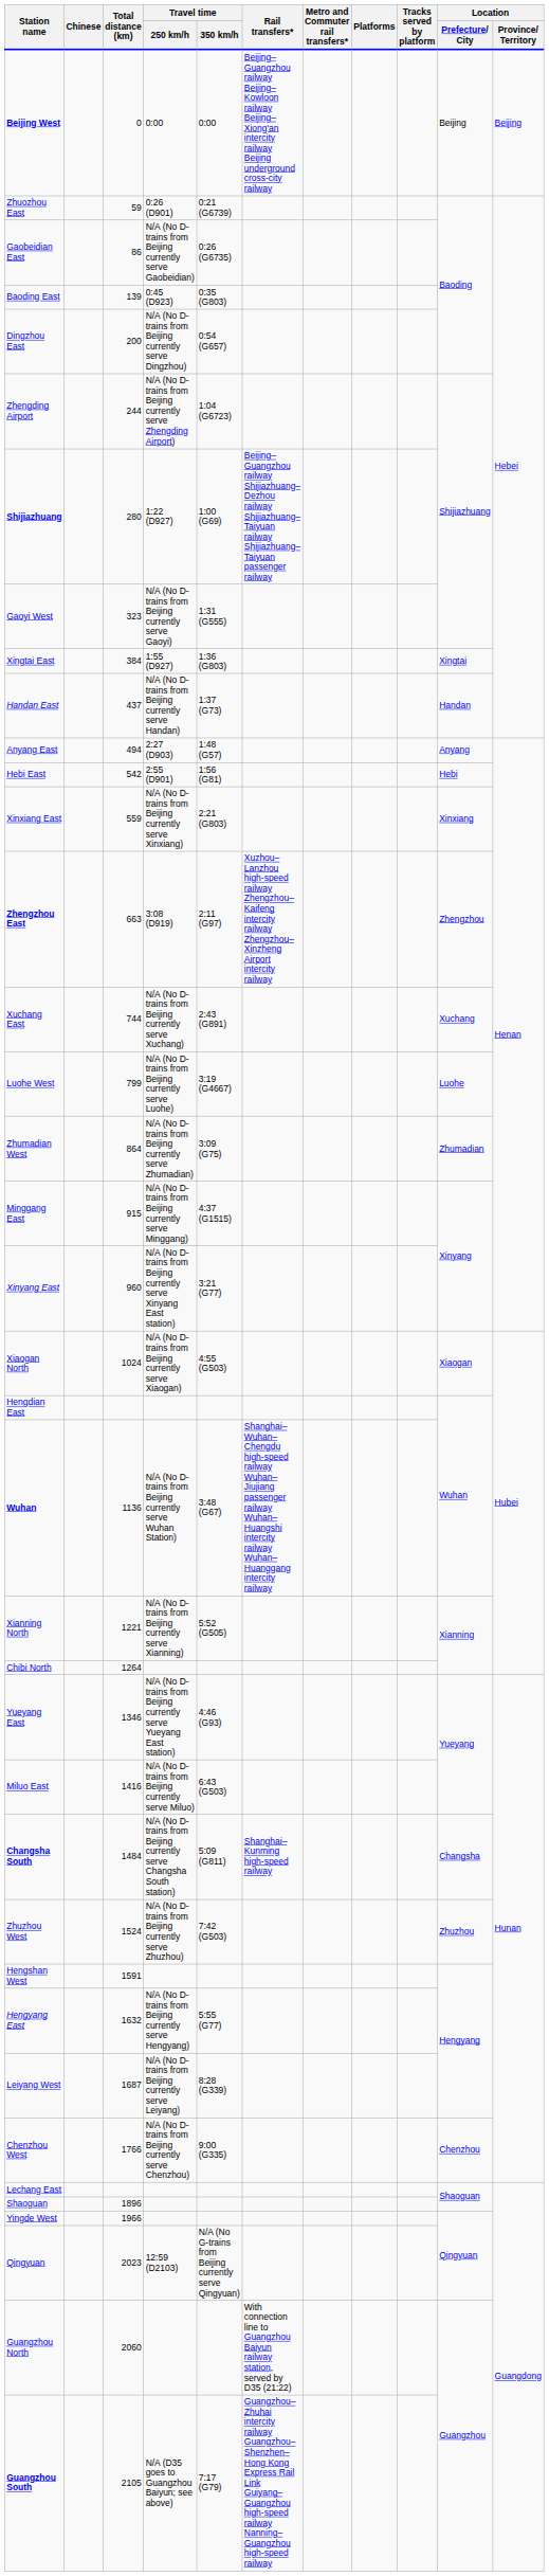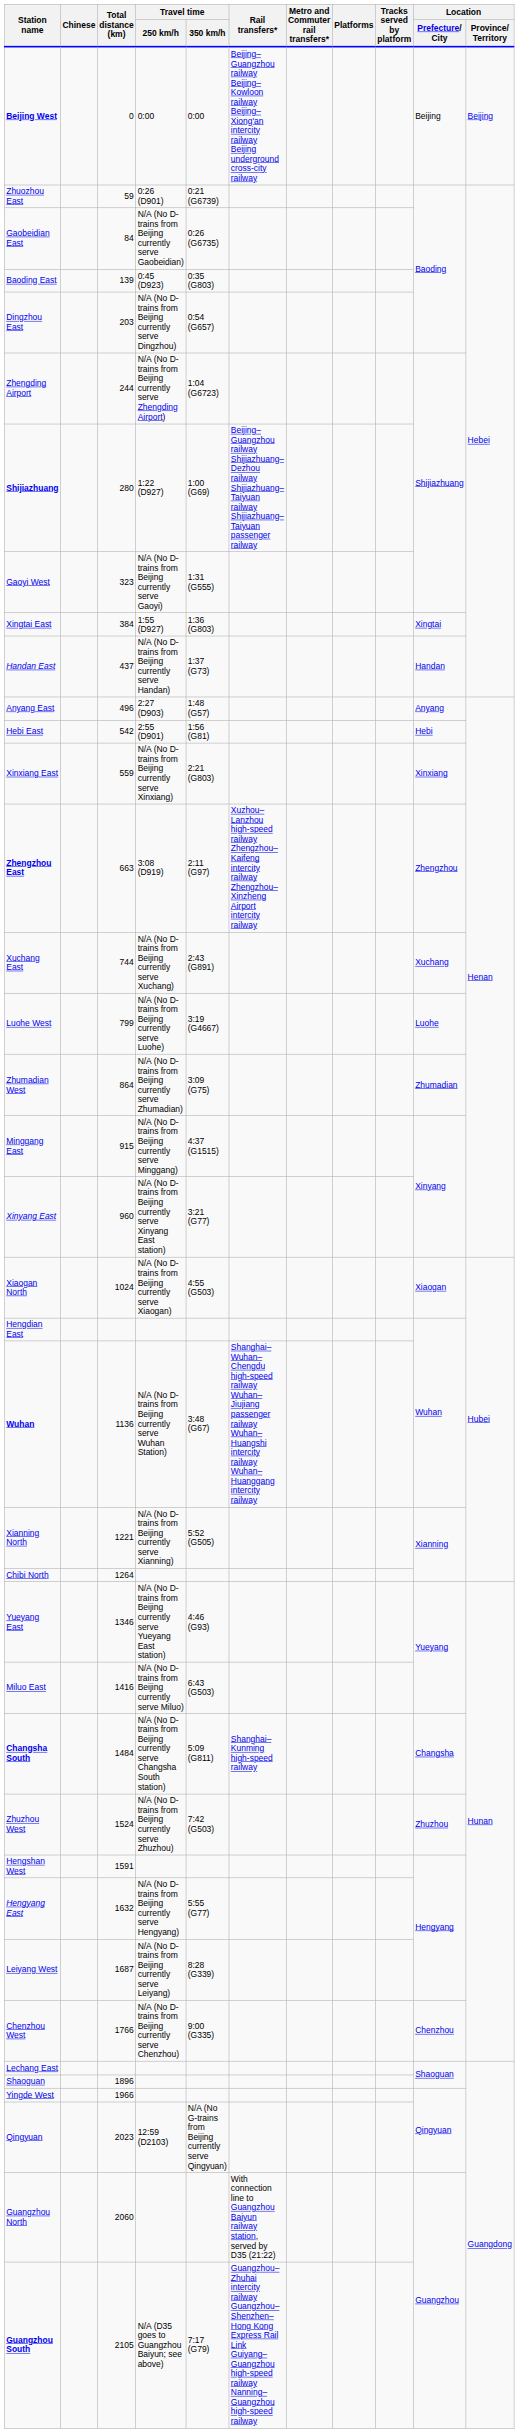 <table class="wikitable">
 <tr>
 <th style="border-bottom:3px solid blue;" rowspan="2">Station<br>name</th>
 <th style="border-bottom:3px solid blue;" rowspan="2">Chinese</th>
 <th style="border-bottom:3px solid blue;" rowspan="2">Total<br>distance<br>(km)</th>
 <th colspan="2">Travel time</th>
 <th style="border-bottom:3px solid blue;" rowspan="2">Rail<br>transfers*</th>
 <th style="border-bottom:3px solid blue;" rowspan="2">Metro and Commuter rail<br>transfers*</th>
 <th style="border-bottom:3px solid blue;" rowspan="2">Platforms</th>
 <th style="border-bottom:3px solid blue;" rowspan="2">Tracks served<br>by platform</th>
 <th colspan="2">Location</th>
 </tr>
 <tr>
 <th style="border-bottom:3px solid blue;">250 km/h</th>
 <th style="border-bottom:3px solid blue;">350 km/h</th>
 <th style="border-bottom:3px solid blue;"><a href='#'>Prefecture</a>/<br>City</th>
 <th style="border-bottom:3px solid blue;">Province/<br>Territory</th>
 </tr>
 <tr>
 <td><strong><a href='#'>Beijing West</a></strong></td>
 <td></td>
 <td align=right>0</td>
 <td>0:00</td>
 <td>0:00</td>
 <td><a href='#'>Beijing–Guangzhou railway</a><br><a href='#'>Beijing–Kowloon railway</a><br><a href='#'>Beijing–Xiong'an intercity railway</a><br><a href='#'>Beijing underground cross-city railway</a></td>
 <td> <br> </td>
 <td></td>
 <td></td>
 <td>Beijing</td>
 <td><a href='#'>Beijing</a></td>
 </tr>
 <tr>
 <td><a href='#'>Zhuozhou East</a></td>
 <td><br></td>
 <td align=right>59</td>
 <td>0:26<br>(D901)</td>
 <td>0:21<br>(G6739)</td>
 <td></td>
 <td></td>
 <td></td>
 <td></td>
 <td rowspan="4"><a href='#'>Baoding</a></td>
 <td rowspan="9"><a href='#'>Hebei</a></td>
 </tr>
 <tr>
 <td><a href='#'>Gaobeidian East</a></td>
 <td><br></td>
-<td align=right>86</td>
+<td align=right>84</td>
 <td>N/A (No D-trains from Beijing currently serve Gaobeidian)</td>
 <td>0:26<br>(G6735)</td>
 <td></td>
 <td></td>
 <td></td>
 <td></td>
 </tr>
 <tr>
 <td><a href='#'>Baoding East</a></td>
 <td><br></td>
 <td align=right>139</td>
 <td>0:45<br>(D923)</td>
 <td>0:35<br>(G803)</td>
 <td></td>
 <td></td>
 <td></td>
 <td></td>
 </tr>
 <tr>
 <td><a href='#'>Dingzhou East</a></td>
 <td><br></td>
-<td align=right>200</td>
+<td align=right>203</td>
 <td>N/A (No D-trains from Beijing currently serve Dingzhou)</td>
 <td>0:54<br>(G657)</td>
 <td></td>
 <td></td>
 <td></td>
 <td></td>
 </tr>
 <tr>
 <td><a href='#'>Zhengding Airport</a></td>
 <td><br></td>
 <td align=right>244</td>
 <td>N/A (No D-trains from Beijing currently serve <a href='#'>Zhengding Airport</a>)</td>
 <td>1:04<br>(G6723)</td>
 <td></td>
 <td></td>
 <td></td>
 <td></td>
 <td rowspan="3"><a href='#'>Shijiazhuang</a></td>
 </tr>
 <tr>
 <td><strong><a href='#'>Shijiazhuang</a></strong></td>
 <td><br></td>
 <td align=right>280</td>
 <td>1:22<br>(D927)</td>
 <td>1:00<br>(G69)</td>
 <td><a href='#'>Beijing–Guangzhou railway</a><br><a href='#'>Shijiazhuang–Dezhou railway</a><br><a href='#'>Shijiazhuang–Taiyuan railway</a><br><a href='#'>Shijiazhuang–Taiyuan passenger railway</a></td>
 <td>  </td>
 <td></td>
 <td></td>
 </tr>
 <tr>
 <td><a href='#'>Gaoyi West</a></td>
 <td></td>
 <td align=right>323</td>
 <td>N/A (No D-trains from Beijing currently serve Gaoyi)</td>
 <td>1:31<br>(G555)</td>
 <td></td>
 <td></td>
 <td></td>
 <td></td>
 </tr>
 <tr>
 <td><a href='#'>Xingtai East</a></td>
 <td><br></td>
 <td align="right">384</td>
 <td>1:55<br>(D927)</td>
 <td>1:36<br>(G803)</td>
 <td></td>
 <td></td>
 <td></td>
 <td></td>
 <td><a href='#'>Xingtai</a></td>
 </tr>
 <tr>
 <td><em><a href='#'>Handan East</a></em></td>
 <td><br></td>
 <td align=right>437</td>
 <td>N/A (No D-trains from Beijing currently serve Handan)</td>
 <td>1:37<br>(G73)</td>
 <td></td>
 <td></td>
 <td></td>
 <td></td>
 <td><a href='#'>Handan</a></td>
 </tr>
 <tr>
 <td><a href='#'>Anyang East</a></td>
 <td><br></td>
-<td align=right>494</td>
+<td align=right>496</td>
 <td>2:27<br>(D903)</td>
 <td>1:48<br>(G57)</td>
 <td></td>
 <td></td>
 <td></td>
 <td></td>
 <td><a href='#'>Anyang</a></td>
 <td rowspan="9"><a href='#'>Henan</a></td>
 </tr>
 <tr>
 <td><a href='#'>Hebi East</a></td>
 <td><br></td>
 <td align=right>542</td>
 <td>2:55<br>(D901)</td>
 <td>1:56<br>(G81)</td>
 <td></td>
 <td></td>
 <td></td>
 <td></td>
 <td><a href='#'>Hebi</a></td>
 </tr>
 <tr>
 <td><a href='#'>Xinxiang East</a></td>
 <td><br></td>
 <td align=right>559</td>
 <td>N/A (No D-trains from Beijing currently serve Xinxiang)</td>
 <td>2:21<br>(G803)</td>
 <td></td>
 <td></td>
 <td></td>
 <td></td>
 <td><a href='#'>Xinxiang</a></td>
 </tr>
 <tr>
 <td><strong><a href='#'>Zhengzhou East</a></strong></td>
 <td><br></td>
 <td align=right>663</td>
 <td>3:08<br>(D919)</td>
 <td>2:11<br>(G97)</td>
 <td><a href='#'>Xuzhou–Lanzhou high-speed railway</a><br><a href='#'>Zhengzhou–Kaifeng intercity railway</a><br><a href='#'>Zhengzhou–Xinzheng Airport intercity railway</a></td>
 <td>  </td>
 <td></td>
 <td></td>
 <td><a href='#'>Zhengzhou</a></td>
 </tr>
 <tr>
 <td><a href='#'>Xuchang East</a></td>
 <td><br></td>
 <td align=right>744</td>
 <td>N/A (No D-trains from Beijing currently serve Xuchang)</td>
 <td>2:43<br>(G891)</td>
 <td></td>
 <td></td>
 <td></td>
 <td></td>
 <td><a href='#'>Xuchang</a></td>
 </tr>
 <tr>
 <td><a href='#'>Luohe West</a></td>
 <td></td>
 <td align=right>799</td>
 <td>N/A (No D-trains from Beijing currently serve Luohe)</td>
 <td>3:19<br>(G4667)</td>
 <td></td>
 <td></td>
 <td></td>
 <td></td>
 <td><a href='#'>Luohe</a></td>
 </tr>
 <tr>
 <td><a href='#'>Zhumadian West</a></td>
 <td><br></td>
 <td align=right>864</td>
 <td>N/A (No D-trains from Beijing currently serve Zhumadian)</td>
 <td>3:09<br>(G75)</td>
 <td></td>
 <td></td>
 <td></td>
 <td></td>
 <td><a href='#'>Zhumadian</a></td>
 </tr>
 <tr>
 <td><a href='#'>Minggang East</a></td>
 <td><br></td>
 <td align=right>915</td>
 <td>N/A (No D-trains from Beijing currently serve Minggang)</td>
 <td>4:37<br>(G1515)</td>
 <td></td>
 <td></td>
 <td></td>
 <td></td>
 <td rowspan="2"><a href='#'>Xinyang</a></td>
 </tr>
 <tr>
 <td><em><a href='#'>Xinyang East</a></em></td>
 <td><br></td>
 <td align=right>960</td>
 <td>N/A (No D-trains from Beijing currently serve Xinyang East station)</td>
 <td>3:21<br>(G77)</td>
 <td></td>
 <td></td>
 <td></td>
 <td></td>
 </tr>
 <tr>
 <td><a href='#'>Xiaogan North</a></td>
 <td></td>
 <td align=right>1024</td>
 <td>N/A (No D-trains from Beijing currently serve Xiaogan)</td>
 <td>4:55<br>(G503)</td>
 <td></td>
 <td></td>
 <td></td>
 <td></td>
 <td><a href='#'>Xiaogan</a></td>
 <td rowspan="5"><a href='#'>Hubei</a></td>
 </tr>
 <tr>
 <td><a href='#'>Hengdian East</a></td>
 <td><br></td>
 <td align=right></td>
 <td></td>
 <td></td>
 <td></td>
 <td></td>
 <td></td>
 <td></td>
 <td rowspan="2"><a href='#'>Wuhan</a></td>
 </tr>
 <tr>
 <td><strong><a href='#'>Wuhan</a></strong></td>
 <td><br></td>
 <td align=right>1136</td>
 <td>N/A (No D-trains from Beijing currently serve Wuhan Station)</td>
 <td>3:48<br>(G67)</td>
 <td><a href='#'>Shanghai–Wuhan–Chengdu high-speed railway</a><br><a href='#'>Wuhan–Jiujiang passenger railway</a><br><a href='#'>Wuhan–Huangshi intercity railway</a><br><a href='#'>Wuhan–Huanggang intercity railway</a></td>
 <td> </td>
 <td></td>
 <td></td>
 </tr>
 <tr>
 <td><a href='#'>Xianning North</a></td>
 <td><br></td>
 <td align="right">1221</td>
 <td>N/A (No D-trains from Beijing currently serve Xianning)</td>
 <td>5:52<br>(G505)</td>
 <td></td>
 <td></td>
 <td></td>
 <td></td>
 <td rowspan="2"><a href='#'>Xianning</a></td>
 </tr>
 <tr>
 <td><a href='#'>Chibi North</a></td>
 <td></td>
 <td align="right">1264</td>
 <td></td>
 <td></td>
 <td></td>
 <td></td>
 <td></td>
 <td></td>
 </tr>
 <tr>
 <td><a href='#'>Yueyang East</a></td>
 <td><br></td>
 <td align="right">1346</td>
 <td>N/A (No D-trains from Beijing currently serve Yueyang East station)</td>
 <td>4:46<br>(G93)</td>
 <td></td>
 <td></td>
 <td></td>
 <td></td>
 <td rowspan="2"><a href='#'>Yueyang</a></td>
 <td rowspan="8"><a href='#'>Hunan</a></td>
 </tr>
 <tr>
 <td><a href='#'>Miluo East</a></td>
 <td><br></td>
 <td align="right">1416</td>
 <td>N/A (No D-trains from Beijing currently serve Miluo)</td>
 <td>6:43<br>(G503)</td>
 <td></td>
 <td></td>
 <td></td>
 <td></td>
 </tr>
 <tr>
 <td><strong><a href='#'>Changsha South</a></strong></td>
 <td><br></td>
 <td align="right">1484</td>
 <td>N/A (No D-trains from Beijing currently serve Changsha South station)</td>
 <td>5:09<br>(G811)</td>
 <td><a href='#'>Shanghai–Kunming high-speed railway</a></td>
 <td>  <br> </td>
 <td></td>
 <td></td>
 <td><a href='#'>Changsha</a></td>
 </tr>
 <tr>
 <td><a href='#'>Zhuzhou West</a></td>
 <td></td>
 <td align="right">1524</td>
 <td>N/A (No D-trains from Beijing currently serve Zhuzhou)</td>
 <td>7:42<br>(G503)</td>
 <td></td>
 <td></td>
 <td></td>
 <td></td>
 <td><a href='#'>Zhuzhou</a></td>
 </tr>
 <tr>
 <td><a href='#'>Hengshan West</a></td>
 <td></td>
 <td align="right">1591</td>
 <td></td>
 <td></td>
 <td></td>
 <td></td>
 <td></td>
 <td></td>
 <td rowspan="3"><a href='#'>Hengyang</a></td>
 </tr>
 <tr>
 <td><em><a href='#'>Hengyang East</a></em></td>
 <td><br></td>
 <td align="right">1632</td>
 <td>N/A (No D-trains from Beijing currently serve Hengyang)</td>
 <td>5:55<br>(G77)</td>
 <td></td>
 <td></td>
 <td></td>
 <td></td>
 </tr>
 <tr>
 <td><a href='#'>Leiyang West</a></td>
 <td><br></td>
 <td align="right">1687</td>
 <td>N/A (No D-trains from Beijing currently serve Leiyang)</td>
 <td>8:28<br>(G339)</td>
 <td></td>
 <td></td>
 <td></td>
 <td></td>
 </tr>
 <tr>
 <td><a href='#'>Chenzhou West</a></td>
 <td></td>
 <td align="right">1766</td>
 <td>N/A (No D-trains from Beijing currently serve Chenzhou)</td>
 <td>9:00<br>(G335)</td>
 <td></td>
 <td></td>
 <td></td>
 <td></td>
 <td><a href='#'>Chenzhou</a></td>
 </tr>
 <tr>
 <td><a href='#'>Lechang East</a></td>
 <td><br></td>
 <td align="right"></td>
 <td></td>
 <td></td>
 <td></td>
 <td></td>
 <td></td>
 <td></td>
 <td rowspan="2"><a href='#'>Shaoguan</a></td>
 <td rowspan="11"><a href='#'>Guangdong</a></td>
 </tr>
 <tr>
 <td><a href='#'>Shaoguan</a></td>
 <td><br></td>
 <td align=right>1896</td>
 <td></td>
 <td></td>
 <td></td>
 <td></td>
 <td></td>
 <td></td>
 </tr>
 <tr>
 <td><a href='#'>Yingde West</a></td>
 <td></td>
 <td align=right>1966</td>
 <td></td>
 <td></td>
 <td></td>
 <td></td>
 <td></td>
 <td></td>
 <td rowspan="2"><a href='#'>Qingyuan</a></td>
 </tr>
 <tr>
 <td><a href='#'>Qingyuan</a></td>
 <td><br></td>
 <td align=right>2023</td>
 <td>12:59<br>(D2103)</td>
 <td>N/A (No G-trains from Beijing currently serve Qingyuan)</td>
 <td></td>
 <td></td>
 <td></td>
 <td></td>
 </tr>
 <tr>
 <td><a href='#'>Guangzhou North</a></td>
 <td><br></td>
 <td align=right>2060</td>
 <td></td>
 <td></td>
 <td>With connection line to <a href='#'>Guangzhou Baiyun railway station</a>, served by D35 (21:22)</td>
 <td> </td>
 <td></td>
 <td></td>
 <td rowspan="3"><a href='#'>Guangzhou</a></td>
 </tr>
 <tr>
 <td><strong><a href='#'>Guangzhou South</a></strong></td>
 <td><br></td>
 <td align=right>2105</td>
 <td>N/A (D35 goes to Guangzhou Baiyun; see above)</td>
 <td>7:17<br>(G79)</td>
 <td><a href='#'>Guangzhou–Zhuhai intercity railway</a><br><a href='#'>Guangzhou–Shenzhen–Hong Kong Express Rail Link</a><br><a href='#'>Guiyang–Guangzhou high-speed railway</a><br><a href='#'>Nanning–Guangzhou high-speed railway</a></td>
 <td> <br> </td>
 <td></td>
 <td></td>
 </tr>
 </table>
